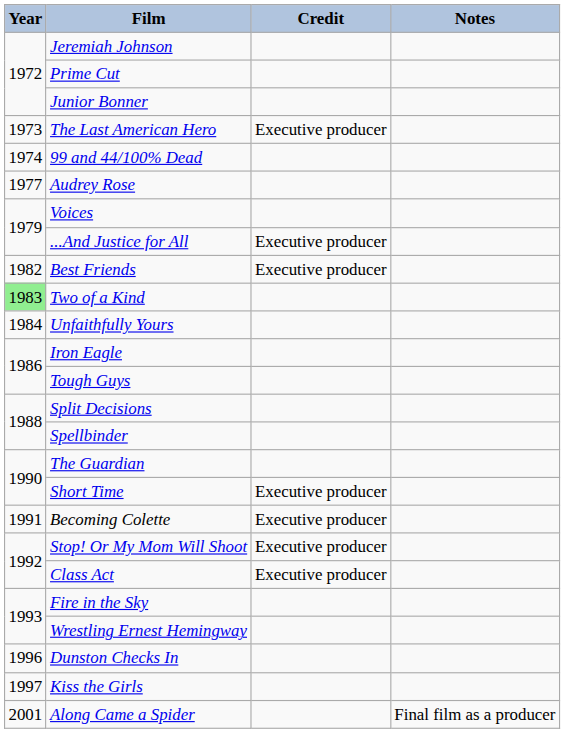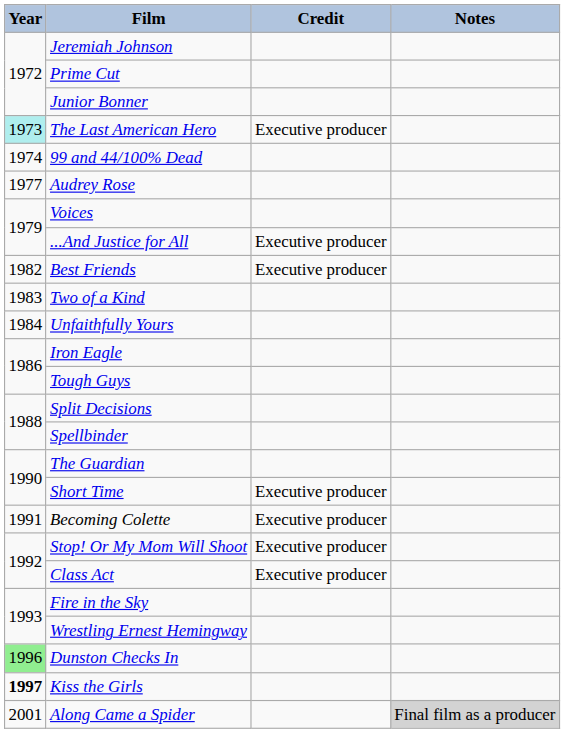 <table class="wikitable" style="font-size:95%;">
 <tr>
 <th style="background:#B0C4DE;">Year</th>
 <th style="background:#B0C4DE;">Film</th>
 <th style="background:#B0C4DE;">Credit</th>
 <th style="background:#B0C4DE;">Notes</th>
 </tr>
 <tr>
 <td rowspan=3>1972</td>
 <td><em><a href='#'>Jeremiah Johnson</a></em></td>
 <td></td>
 <td></td>
 </tr>
 <tr>
 <td><em><a href='#'>Prime Cut</a></em></td>
 <td></td>
 <td></td>
 </tr>
 <tr>
 <td><em><a href='#'>Junior Bonner</a></em></td>
 <td></td>
 <td></td>
 </tr>
 <tr>
-<td>1973</td>
+<td style="background: paleturquoise;">1973</td>
 <td><em><a href='#'>The Last American Hero</a></em></td>
 <td>Executive producer</td>
 <td></td>
 </tr>
 <tr>
 <td>1974</td>
 <td><em><a href='#'>99 and 44/100% Dead</a></em></td>
 <td></td>
 <td></td>
 </tr>
 <tr>
 <td>1977</td>
 <td><em><a href='#'>Audrey Rose</a></em></td>
 <td></td>
 <td></td>
 </tr>
 <tr>
 <td rowspan=2>1979</td>
 <td><em><a href='#'>Voices</a></em></td>
 <td></td>
 <td></td>
 </tr>
 <tr>
 <td><em><a href='#'>...And Justice for All</a></em></td>
 <td>Executive producer</td>
 <td></td>
 </tr>
 <tr>
 <td>1982</td>
 <td><em><a href='#'>Best Friends</a></em></td>
 <td>Executive producer</td>
 <td></td>
 </tr>
 <tr>
-<td style="background: lightgreen;">1983</td>
+<td>1983</td>
 <td><em><a href='#'>Two of a Kind</a></em></td>
 <td></td>
 <td></td>
 </tr>
 <tr>
 <td>1984</td>
 <td><em><a href='#'>Unfaithfully Yours</a></em></td>
 <td></td>
 <td></td>
 </tr>
 <tr>
 <td rowspan=2>1986</td>
 <td><em><a href='#'>Iron Eagle</a></em></td>
 <td></td>
 <td></td>
 </tr>
 <tr>
 <td><em><a href='#'>Tough Guys</a></em></td>
 <td></td>
 <td></td>
 </tr>
 <tr>
 <td rowspan=2>1988</td>
 <td><em><a href='#'>Split Decisions</a></em></td>
 <td></td>
 <td></td>
 </tr>
 <tr>
 <td><em><a href='#'>Spellbinder</a></em></td>
 <td></td>
 <td></td>
 </tr>
 <tr>
 <td rowspan=2>1990</td>
 <td><em><a href='#'>The Guardian</a></em></td>
 <td></td>
 <td></td>
 </tr>
 <tr>
 <td><em><a href='#'>Short Time</a></em></td>
 <td>Executive producer</td>
 <td></td>
 </tr>
 <tr>
 <td>1991</td>
 <td><em>Becoming Colette</em></td>
 <td>Executive producer</td>
 <td></td>
 </tr>
 <tr>
 <td rowspan=2>1992</td>
 <td><em><a href='#'>Stop! Or My Mom Will Shoot</a></em></td>
 <td>Executive producer</td>
 <td></td>
 </tr>
 <tr>
 <td><em><a href='#'>Class Act</a></em></td>
 <td>Executive producer</td>
 <td></td>
 </tr>
 <tr>
 <td rowspan=2>1993</td>
 <td><em><a href='#'>Fire in the Sky</a></em></td>
 <td></td>
 <td></td>
 </tr>
 <tr>
 <td><em><a href='#'>Wrestling Ernest Hemingway</a></em></td>
 <td></td>
 <td></td>
 </tr>
 <tr>
-<td>1996</td>
+<td style="background: lightgreen;">1996</td>
 <td><em><a href='#'>Dunston Checks In</a></em></td>
 <td></td>
 <td></td>
 </tr>
 <tr>
-<td>1997</td>
+<td><strong>1997</strong></td>
 <td><em><a href='#'>Kiss the Girls</a></em></td>
 <td></td>
 <td></td>
 </tr>
 <tr>
 <td>2001</td>
 <td><em><a href='#'>Along Came a Spider</a></em></td>
 <td></td>
-<td>Final film as a producer</td>
+<td style="background: lightgrey;">Final film as a producer</td>
 </tr>
 </table>
